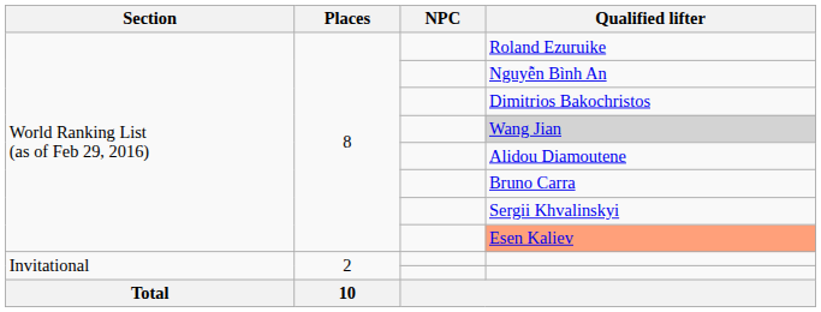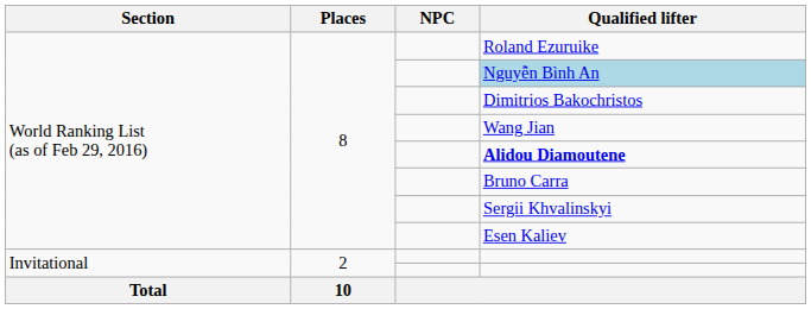 <table class="wikitable"  width=750>
 <tr>
 <th>Section</th>
 <th>Places</th>
 <th>NPC</th>
 <th>Qualified lifter</th>
 </tr>
 <tr>
 <td rowspan=8>World Ranking List<br>(as of Feb 29, 2016)</td>
 <td rowspan=8 align=center>8</td>
 <td></td>
 <td><a href='#'>Roland Ezuruike</a></td>
 </tr>
 <tr>
 <td></td>
-<td><a href='#'>Nguyễn Bình An</a></td>
+<td style="background: lightblue;"><a href='#'>Nguyễn Bình An</a></td>
 </tr>
 <tr>
 <td></td>
 <td><a href='#'>Dimitrios Bakochristos</a></td>
 </tr>
 <tr>
 <td></td>
-<td style="background: lightgrey;"><a href='#'>Wang Jian</a></td>
+<td><a href='#'>Wang Jian</a></td>
 </tr>
 <tr>
 <td></td>
-<td><a href='#'>Alidou Diamoutene</a></td>
+<td><strong><a href='#'>Alidou Diamoutene</a></strong></td>
 </tr>
 <tr>
 <td></td>
 <td><a href='#'>Bruno Carra</a></td>
 </tr>
 <tr>
 <td></td>
 <td><a href='#'>Sergii Khvalinskyi</a></td>
 </tr>
 <tr>
 <td></td>
-<td style="background: lightsalmon;"><a href='#'>Esen Kaliev</a></td>
+<td><a href='#'>Esen Kaliev</a></td>
 </tr>
 <tr>
 <td rowspan=2>Invitational</td>
 <td rowspan="2" align=center>2</td>
 <td></td>
 <td></td>
 </tr>
 <tr>
 <td></td>
 <td></td>
 </tr>
 <tr>
 <th>Total</th>
 <th>10</th>
 <th colspan=2></th>
 </tr>
 </table>
